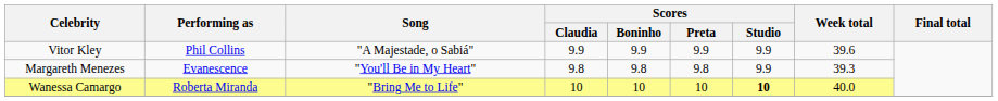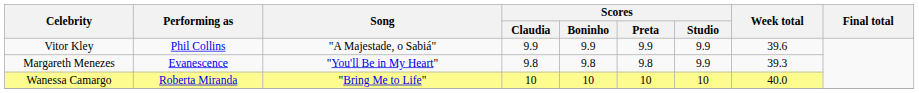 <table class="wikitable" style="font-size:100%; line-height:16px; text-align:center" width="100%">
 <tr>
 <th rowspan=2 width="13.5%">Celebrity</th>
 <th rowspan=2 width="13.5%">Performing as</th>
 <th rowspan=2 width="25.0%">Song</th>
 <th colspan=4 width="24.0%">Scores</th>
 <th rowspan=2 width="09.5%">Week total</th>
 <th rowspan=2 width="09.5%">Final total</th>
 </tr>
 <tr>
 <th width="06.0%">Claudia</th>
 <th width="06.0%">Boninho</th>
 <th width="06.0%">Preta</th>
 <th width="06.0%">Studio</th>
 </tr>
 <tr>
 <td>Vitor Kley</td>
 <td><a href='#'>Phil Collins</a></td>
 <td>"A Majestade, o Sabiá"</td>
 <td>9.9</td>
 <td>9.9</td>
 <td>9.9</td>
 <td>9.9</td>
 <td>39.6</td>
 <td rowspan=3></td>
 </tr>
 <tr>
 <td>Margareth Menezes</td>
 <td><a href='#'>Evanescence</a></td>
 <td>"<a href='#'>You'll Be in My Heart</a>"</td>
 <td>9.8</td>
 <td>9.8</td>
 <td>9.8</td>
 <td>9.9</td>
 <td>39.3</td>
 </tr>
 <tr bgcolor="#fdfc8f">
 <td>Wanessa Camargo</td>
 <td><a href='#'>Roberta Miranda</a></td>
 <td>"<a href='#'>Bring Me to Life</a>"</td>
 <td>10</td>
 <td>10</td>
 <td>10</td>
-<td><strong>10</strong></td>
+<td>10</td>
 <td>40.0</td>
 </tr>
 <tr>
 </tr>
 </table>
